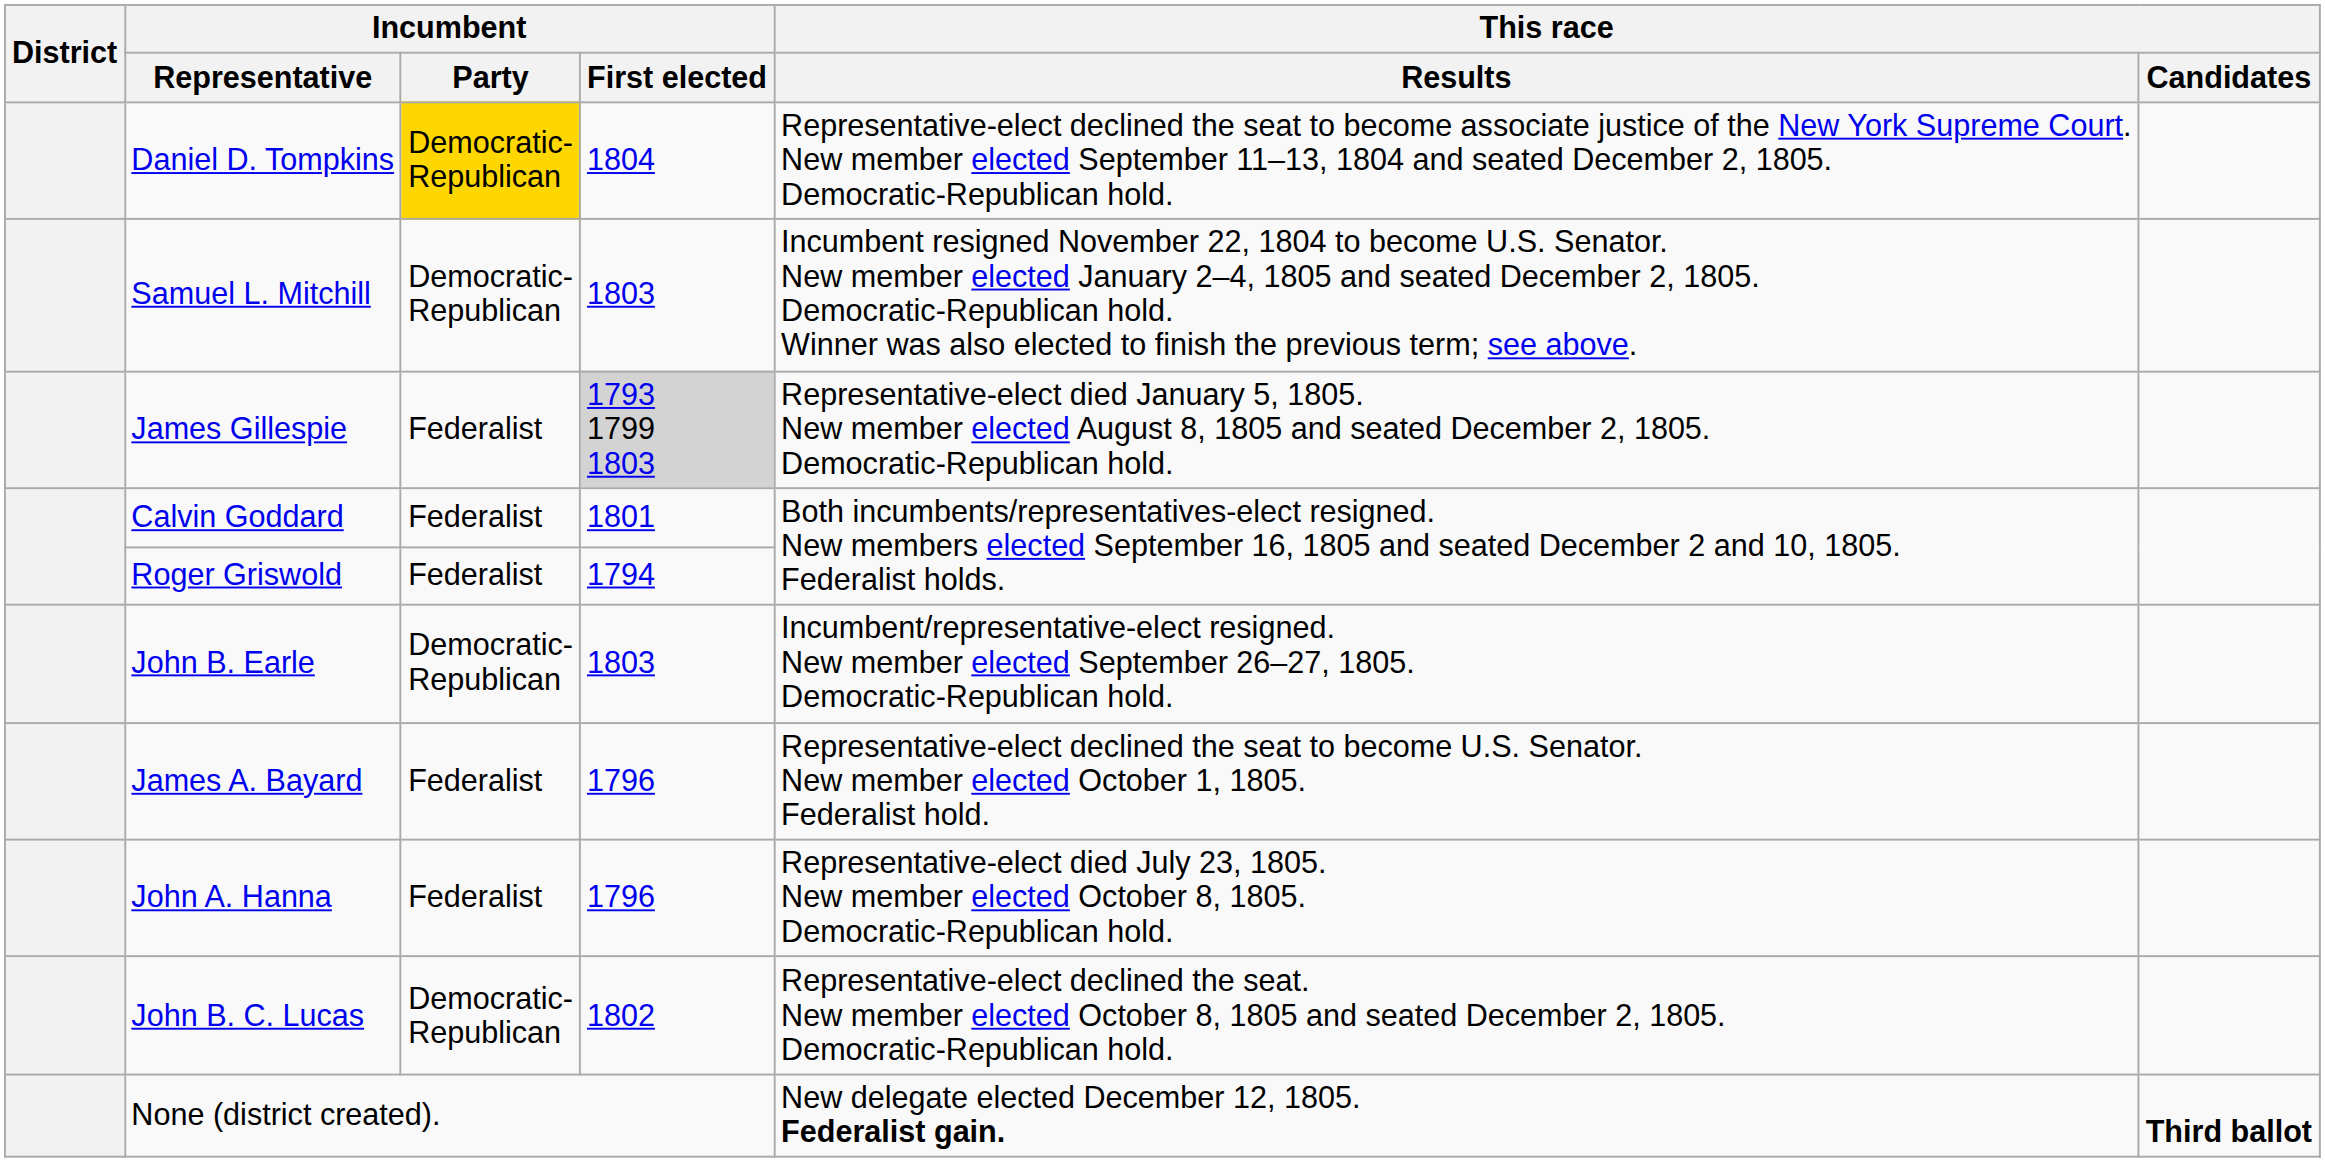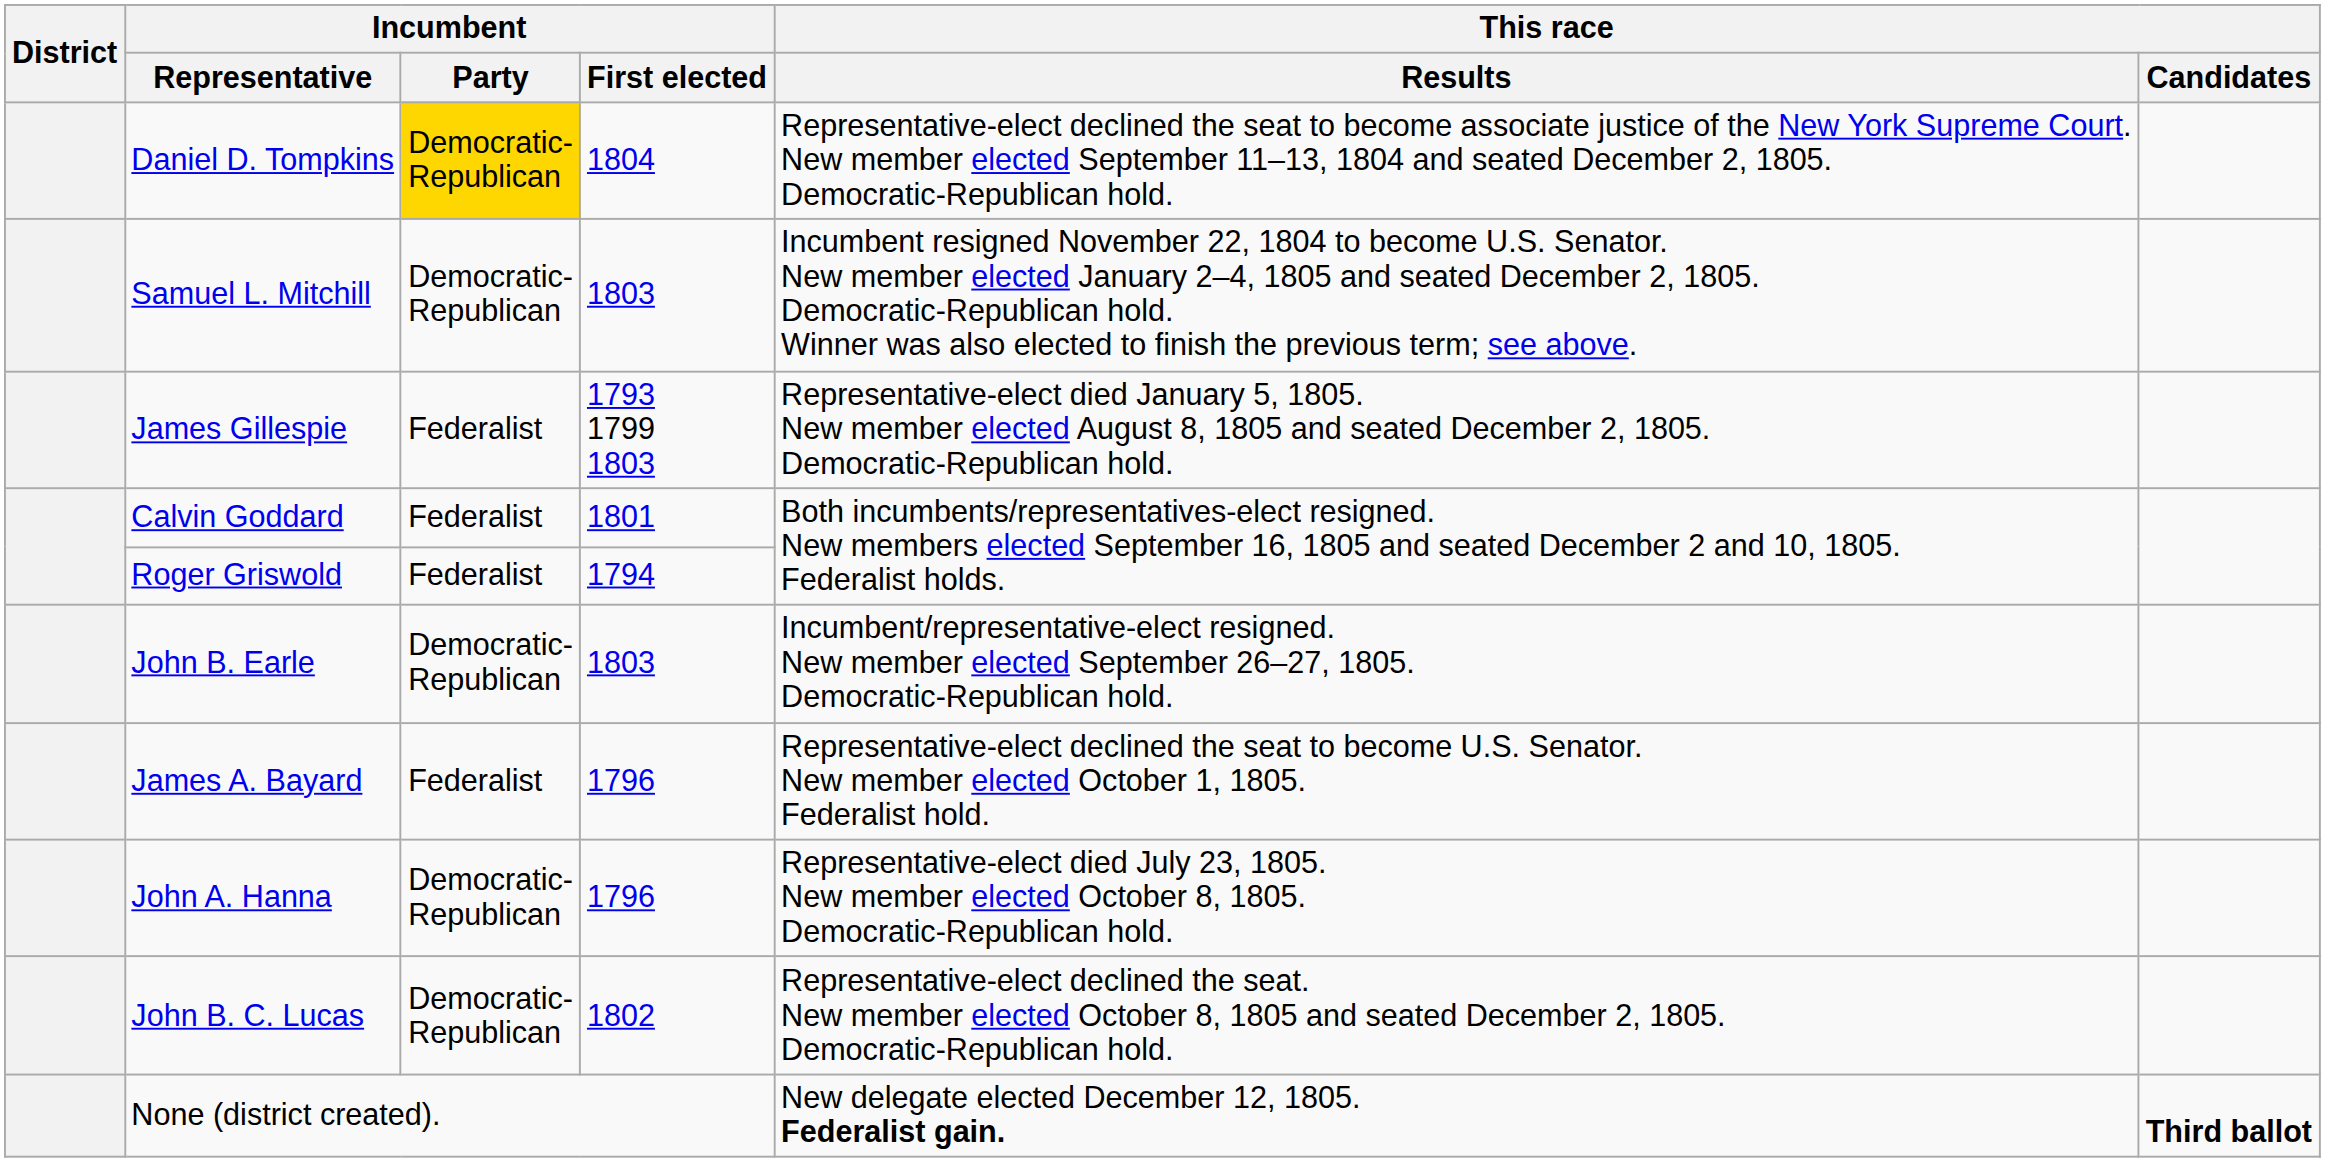 <table class=wikitable>
 <tr>
 <th rowspan=2>District</th>
 <th colspan=3>Incumbent</th>
 <th colspan=2>This race</th>
 </tr>
 <tr>
 <th>Representative</th>
 <th>Party</th>
 <th>First elected</th>
 <th>Results</th>
 <th>Candidates</th>
 </tr>
 <tr>
 <th></th>
 <td><a href='#'>Daniel D. Tompkins</a></td>
 <td style="background: gold;">Democratic-<br>Republican</td>
 <td><a href='#'>1804</a></td>
 <td>Representative-elect declined the seat to become associate justice of the <a href='#'>New York Supreme Court</a>.<br>New member <a href='#'>elected</a> September 11–13, 1804 and seated December 2, 1805.<br>Democratic-Republican hold.</td>
 <td nowrap></td>
 </tr>
 <tr>
 <th></th>
 <td><a href='#'>Samuel L. Mitchill</a></td>
 <td>Democratic-<br>Republican</td>
 <td><a href='#'>1803</a></td>
 <td>Incumbent resigned November 22, 1804 to become U.S. Senator.<br>New member <a href='#'>elected</a> January 2–4, 1805 and seated December 2, 1805.<br>Democratic-Republican hold.<br>Winner was also elected to finish the previous term; <a href='#'>see above</a>.</td>
 <td nowrap></td>
 </tr>
 <tr>
 <th></th>
 <td><a href='#'>James Gillespie</a></td>
 <td>Federalist</td>
-<td style="background: lightgrey;"><a href='#'>1793</a><br>1799 <br><a href='#'>1803</a></td>
+<td><a href='#'>1793</a><br>1799 <br><a href='#'>1803</a></td>
 <td>Representative-elect died January 5, 1805.<br>New member <a href='#'>elected</a> August 8, 1805 and seated December 2, 1805.<br>Democratic-Republican hold.</td>
 <td nowrap></td>
 </tr>
 <tr>
 <th rowspan=2><br></th>
 <td><a href='#'>Calvin Goddard</a></td>
 <td>Federalist</td>
 <td><a href='#'>1801 </a></td>
 <td rowspan=2 >Both incumbents/<wbr>representatives-elect resigned.<br>New members <a href='#'>elected</a> September 16, 1805 and seated December 2 and 10, 1805.<br>Federalist holds.</td>
 <td rowspan=2 nowrap></td>
 </tr>
 <tr>
 <td><a href='#'>Roger Griswold</a></td>
 <td>Federalist</td>
 <td><a href='#'>1794</a></td>
 </tr>
 <tr>
 <th></th>
 <td><a href='#'>John B. Earle</a></td>
 <td>Democratic-<br>Republican</td>
 <td><a href='#'>1803</a></td>
 <td>Incumbent/<wbr>representative-elect resigned.<br>New member <a href='#'>elected</a> September 26–27, 1805.<br>Democratic-Republican hold.</td>
 <td nowrap></td>
 </tr>
 <tr>
 <th></th>
 <td><a href='#'>James A. Bayard</a></td>
 <td>Federalist</td>
 <td><a href='#'>1796</a></td>
 <td>Representative-elect declined the seat to become U.S. Senator.<br>New member <a href='#'>elected</a> October 1, 1805.<br>Federalist hold.</td>
 <td nowrap></td>
 </tr>
 <tr>
 <th></th>
 <td><a href='#'>John A. Hanna</a></td>
-<td>Federalist</td>
+<td>Democratic-<br>Republican</td>
 <td><a href='#'>1796</a></td>
 <td>Representative-elect died July 23, 1805.<br>New member <a href='#'>elected</a> October 8, 1805.<br>Democratic-Republican hold.</td>
 <td nowrap></td>
 </tr>
 <tr>
 <th></th>
 <td><a href='#'>John B. C. Lucas</a></td>
 <td>Democratic-<br>Republican</td>
 <td><a href='#'>1802</a></td>
 <td>Representative-elect declined the seat.<br>New member <a href='#'>elected</a> October 8, 1805 and seated December 2, 1805.<br>Democratic-Republican hold.</td>
 <td nowrap></td>
 </tr>
 <tr>
 <th></th>
 <td colspan=3>None (district created).</td>
 <td>New delegate elected December 12, 1805.<br><strong>Federalist gain.</strong></td>
 <td nowrap><br> <strong>Third ballot</strong> </td>
 </tr>
 </table>
